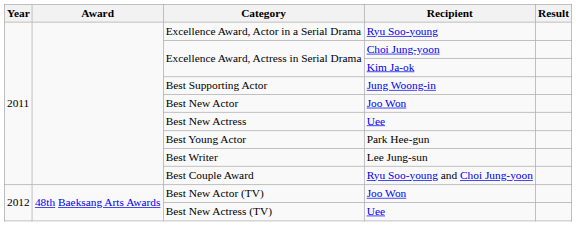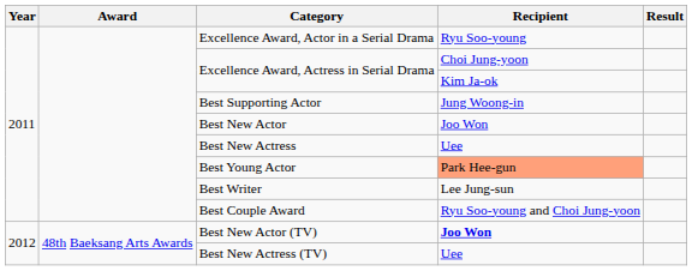 <table class="wikitable">
 <tr>
 <th>Year</th>
 <th>Award</th>
 <th>Category</th>
 <th>Recipient</th>
 <th>Result</th>
 </tr>
 <tr>
 <td rowspan=9>2011</td>
 <td rowspan=9></td>
 <td>Excellence Award, Actor in a Serial Drama</td>
 <td><a href='#'>Ryu Soo-young</a></td>
 <td></td>
 </tr>
 <tr>
 <td rowspan=2>Excellence Award, Actress in Serial Drama</td>
 <td><a href='#'>Choi Jung-yoon</a></td>
 <td></td>
 </tr>
 <tr>
 <td><a href='#'>Kim Ja-ok</a></td>
 <td></td>
 </tr>
 <tr>
 <td>Best Supporting Actor</td>
 <td><a href='#'>Jung Woong-in</a></td>
 <td></td>
 </tr>
 <tr>
 <td>Best New Actor</td>
 <td><a href='#'>Joo Won</a></td>
 <td></td>
 </tr>
 <tr>
 <td>Best New Actress</td>
 <td><a href='#'>Uee</a></td>
 <td></td>
 </tr>
 <tr>
 <td>Best Young Actor</td>
-<td>Park Hee-gun</td>
+<td style="background: lightsalmon;">Park Hee-gun</td>
 <td></td>
 </tr>
 <tr>
 <td>Best Writer</td>
 <td>Lee Jung-sun</td>
 <td></td>
 </tr>
 <tr>
 <td>Best Couple Award</td>
 <td><a href='#'>Ryu Soo-young</a> and <a href='#'>Choi Jung-yoon</a></td>
 <td></td>
 </tr>
 <tr>
 <td rowspan=2>2012</td>
 <td rowspan=2><a href='#'>48th</a> <a href='#'>Baeksang Arts Awards</a></td>
 <td>Best New Actor (TV)</td>
-<td><a href='#'>Joo Won</a></td>
+<td><strong><a href='#'>Joo Won</a></strong></td>
 <td></td>
 </tr>
 <tr>
 <td>Best New Actress (TV)</td>
 <td><a href='#'>Uee</a></td>
 <td></td>
 </tr>
 </table>
